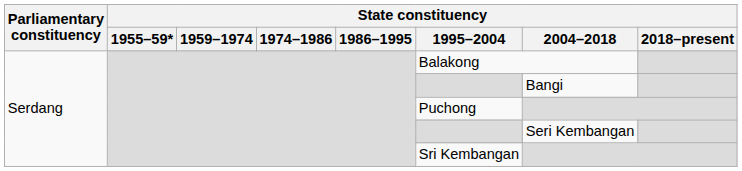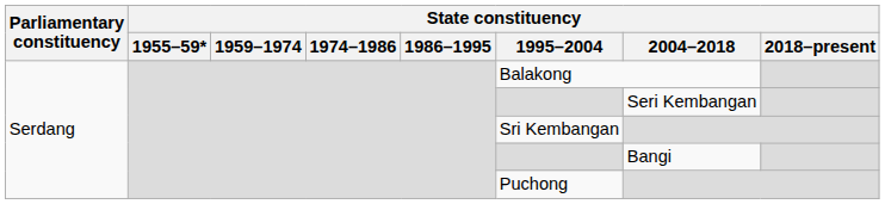 <table class="wikitable">
 <tr>
 <th rowspan="2">Parliamentary<br>constituency</th>
 <th colspan="7">State constituency</th>
 </tr>
 <tr>
 <th>1955–59*</th>
 <th>1959–1974</th>
 <th>1974–1986</th>
 <th>1986–1995</th>
 <th>1995–2004</th>
 <th>2004–2018</th>
 <th>2018–present</th>
 </tr>
 <tr>
 <td rowspan="5">Serdang</td>
 <td colspan="4" rowspan="5" bgcolor="dcdcdc"></td>
 <td colspan="2">Balakong</td>
 <td bgcolor="dcdcdc"></td>
 </tr>
 <tr>
 <td bgcolor="dcdcdc"></td>
+<td>Seri Kembangan</td>
+<td bgcolor="dcdcdc"></td>
+</tr>
+<tr>
+<td>Sri Kembangan</td>
+<td colspan="2" bgcolor="dcdcdc"></td>
+</tr>
+<tr>
+<td bgcolor="dcdcdc"></td>
 <td>Bangi</td>
 <td bgcolor="dcdcdc"></td>
 </tr>
 <tr>
 <td>Puchong</td>
 <td colspan="2" bgcolor="dcdcdc"></td>
 </tr>
-<tr>
-<td bgcolor="dcdcdc"></td>
-<td>Seri Kembangan</td>
-<td bgcolor="dcdcdc"></td>
-</tr>
-<tr>
-<td>Sri Kembangan</td>
-<td colspan="2" bgcolor="dcdcdc"></td>
-</tr>
 </table>
